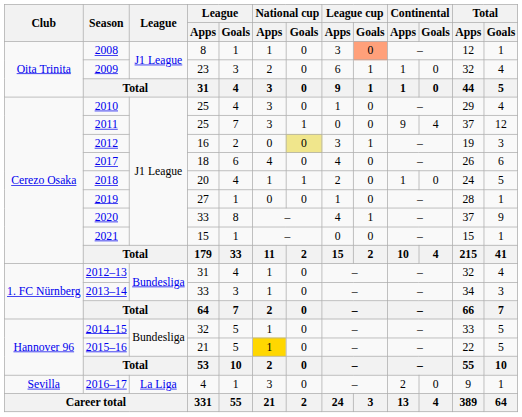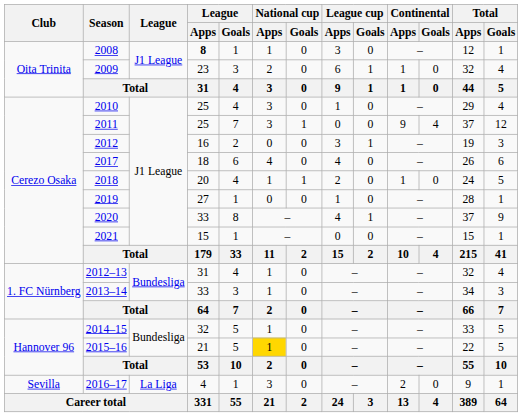 <table class="wikitable" style="text-align:center">
 <tr>
 <th rowspan="2">Club</th>
 <th rowspan="2">Season</th>
 <th rowspan="2">League</th>
 <th colspan="2">League</th>
 <th colspan="2">National cup</th>
 <th colspan="2">League cup</th>
 <th colspan="2">Continental</th>
 <th colspan="2">Total</th>
 </tr>
 <tr>
 <th>Apps</th>
 <th>Goals</th>
 <th>Apps</th>
 <th>Goals</th>
 <th>Apps</th>
 <th>Goals</th>
 <th>Apps</th>
 <th>Goals</th>
 <th>Apps</th>
 <th>Goals</th>
 </tr>
 <tr>
 <td rowspan="3"><a href='#'>Oita Trinita</a></td>
 <td><a href='#'>2008</a></td>
 <td rowspan="2"><a href='#'>J1 League</a></td>
-<td>8</td>
+<td><strong>8</strong></td>
 <td>1</td>
 <td>1</td>
 <td>0</td>
 <td>3</td>
-<td style="background: lightsalmon;">0</td>
+<td>0</td>
 <td colspan="2">–</td>
 <td>12</td>
 <td>1</td>
 </tr>
 <tr>
 <td><a href='#'>2009</a></td>
 <td>23</td>
 <td>3</td>
 <td>2</td>
 <td>0</td>
 <td>6</td>
 <td>1</td>
 <td>1</td>
 <td>0</td>
 <td>32</td>
 <td>4</td>
 </tr>
 <tr>
 <th colspan="2">Total</th>
 <th>31</th>
 <th>4</th>
 <th>3</th>
 <th>0</th>
 <th>9</th>
 <th>1</th>
 <th>1</th>
 <th>0</th>
 <th>44</th>
 <th>5</th>
 </tr>
 <tr>
 <td rowspan="9"><a href='#'>Cerezo Osaka</a></td>
 <td><a href='#'>2010</a></td>
 <td rowspan="8">J1 League</td>
 <td>25</td>
 <td>4</td>
 <td>3</td>
 <td>0</td>
 <td>1</td>
 <td>0</td>
 <td colspan="2">–</td>
 <td>29</td>
 <td>4</td>
 </tr>
 <tr>
 <td><a href='#'>2011</a></td>
 <td>25</td>
 <td>7</td>
 <td>3</td>
 <td>1</td>
 <td>0</td>
 <td>0</td>
 <td>9</td>
 <td>4</td>
 <td>37</td>
 <td>12</td>
 </tr>
 <tr>
 <td><a href='#'>2012</a></td>
 <td>16</td>
 <td>2</td>
 <td>0</td>
-<td style="background: khaki;">0</td>
+<td>0</td>
 <td>3</td>
 <td>1</td>
 <td colspan="2">–</td>
 <td>19</td>
 <td>3</td>
 </tr>
 <tr>
 <td><a href='#'>2017</a></td>
 <td>18</td>
 <td>6</td>
 <td>4</td>
 <td>0</td>
 <td>4</td>
 <td>0</td>
 <td colspan="2">–</td>
 <td>26</td>
 <td>6</td>
 </tr>
 <tr>
 <td><a href='#'>2018</a></td>
 <td>20</td>
 <td>4</td>
 <td>1</td>
 <td>1</td>
 <td>2</td>
 <td>0</td>
 <td>1</td>
 <td>0</td>
 <td>24</td>
 <td>5</td>
 </tr>
 <tr>
 <td><a href='#'>2019</a></td>
 <td>27</td>
 <td>1</td>
 <td>0</td>
 <td>0</td>
 <td>1</td>
 <td>0</td>
 <td colspan="2">–</td>
 <td>28</td>
 <td>1</td>
 </tr>
 <tr>
 <td><a href='#'>2020</a></td>
 <td>33</td>
 <td>8</td>
 <td colspan="2">–</td>
 <td>4</td>
 <td>1</td>
 <td colspan="2">–</td>
 <td>37</td>
 <td>9</td>
 </tr>
 <tr>
 <td><a href='#'>2021</a></td>
 <td>15</td>
 <td>1</td>
 <td colspan="2">–</td>
 <td>0</td>
 <td>0</td>
 <td colspan="2">–</td>
 <td>15</td>
 <td>1</td>
 </tr>
 <tr>
 <th colspan="2">Total</th>
 <th>179</th>
 <th>33</th>
 <th>11</th>
 <th>2</th>
 <th>15</th>
 <th>2</th>
 <th>10</th>
 <th>4</th>
 <th>215</th>
 <th>41</th>
 </tr>
 <tr>
 <td rowspan="3"><a href='#'>1. FC Nürnberg</a></td>
 <td><a href='#'>2012–13</a></td>
 <td rowspan="2"><a href='#'>Bundesliga</a></td>
 <td>31</td>
 <td>4</td>
 <td>1</td>
 <td>0</td>
 <td colspan="2">–</td>
 <td colspan="2">–</td>
 <td>32</td>
 <td>4</td>
 </tr>
 <tr>
 <td><a href='#'>2013–14</a></td>
 <td>33</td>
 <td>3</td>
 <td>1</td>
 <td>0</td>
 <td colspan="2">–</td>
 <td colspan="2">–</td>
 <td>34</td>
 <td>3</td>
 </tr>
 <tr>
 <th colspan="2">Total</th>
 <th>64</th>
 <th>7</th>
 <th>2</th>
 <th>0</th>
 <th colspan="2">–</th>
 <th colspan="2">–</th>
 <th>66</th>
 <th>7</th>
 </tr>
 <tr>
 <td rowspan="3"><a href='#'>Hannover 96</a></td>
 <td><a href='#'>2014–15</a></td>
 <td rowspan="2">Bundesliga</td>
 <td>32</td>
 <td>5</td>
 <td>1</td>
 <td>0</td>
 <td colspan="2">–</td>
 <td colspan="2">–</td>
 <td>33</td>
 <td>5</td>
 </tr>
 <tr>
 <td><a href='#'>2015–16</a></td>
 <td>21</td>
 <td>5</td>
 <td style="background: gold;">1</td>
 <td>0</td>
 <td colspan="2">–</td>
 <td colspan="2">–</td>
 <td>22</td>
 <td>5</td>
 </tr>
 <tr>
 <th colspan="2">Total</th>
 <th>53</th>
 <th>10</th>
 <th>2</th>
 <th>0</th>
 <th colspan="2">–</th>
 <th colspan="2">–</th>
 <th>55</th>
 <th>10</th>
 </tr>
 <tr>
 <td><a href='#'>Sevilla</a></td>
 <td><a href='#'>2016–17</a></td>
 <td><a href='#'>La Liga</a></td>
 <td>4</td>
 <td>1</td>
 <td>3</td>
 <td>0</td>
 <td colspan="2">–</td>
 <td>2</td>
 <td>0</td>
 <td>9</td>
 <td>1</td>
 </tr>
 <tr>
 <th colspan="3">Career total</th>
 <th>331</th>
 <th>55</th>
 <th>21</th>
 <th>2</th>
 <th>24</th>
 <th>3</th>
 <th>13</th>
 <th>4</th>
 <th>389</th>
 <th>64</th>
 </tr>
 </table>
